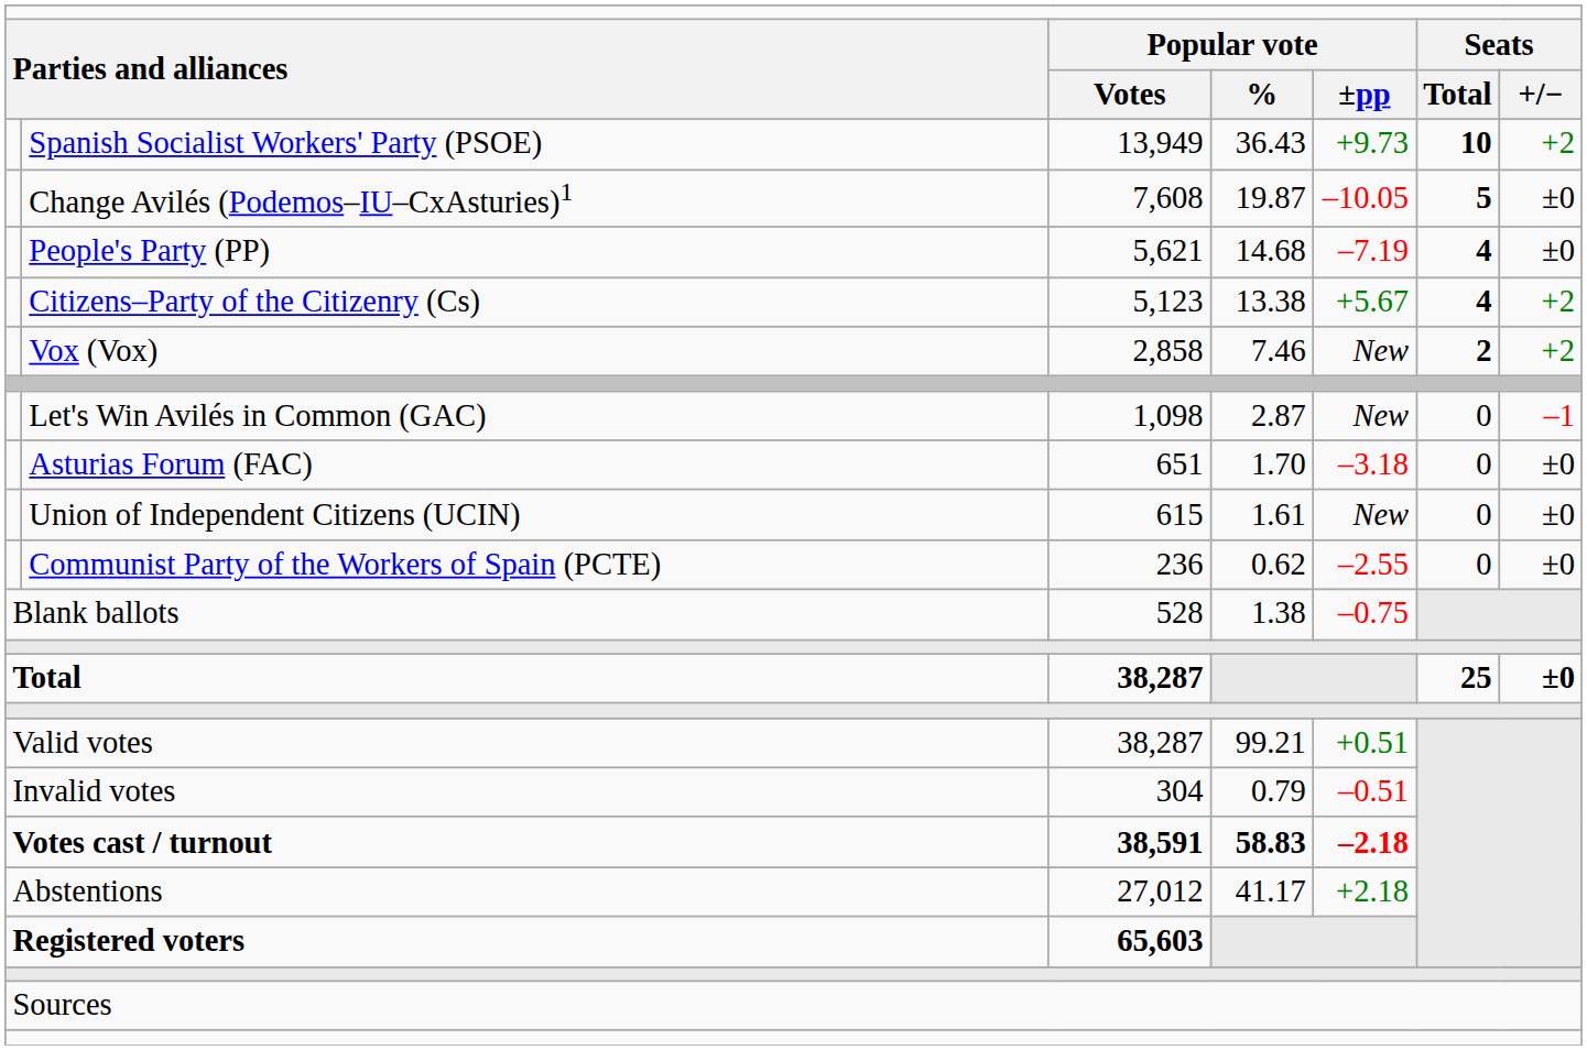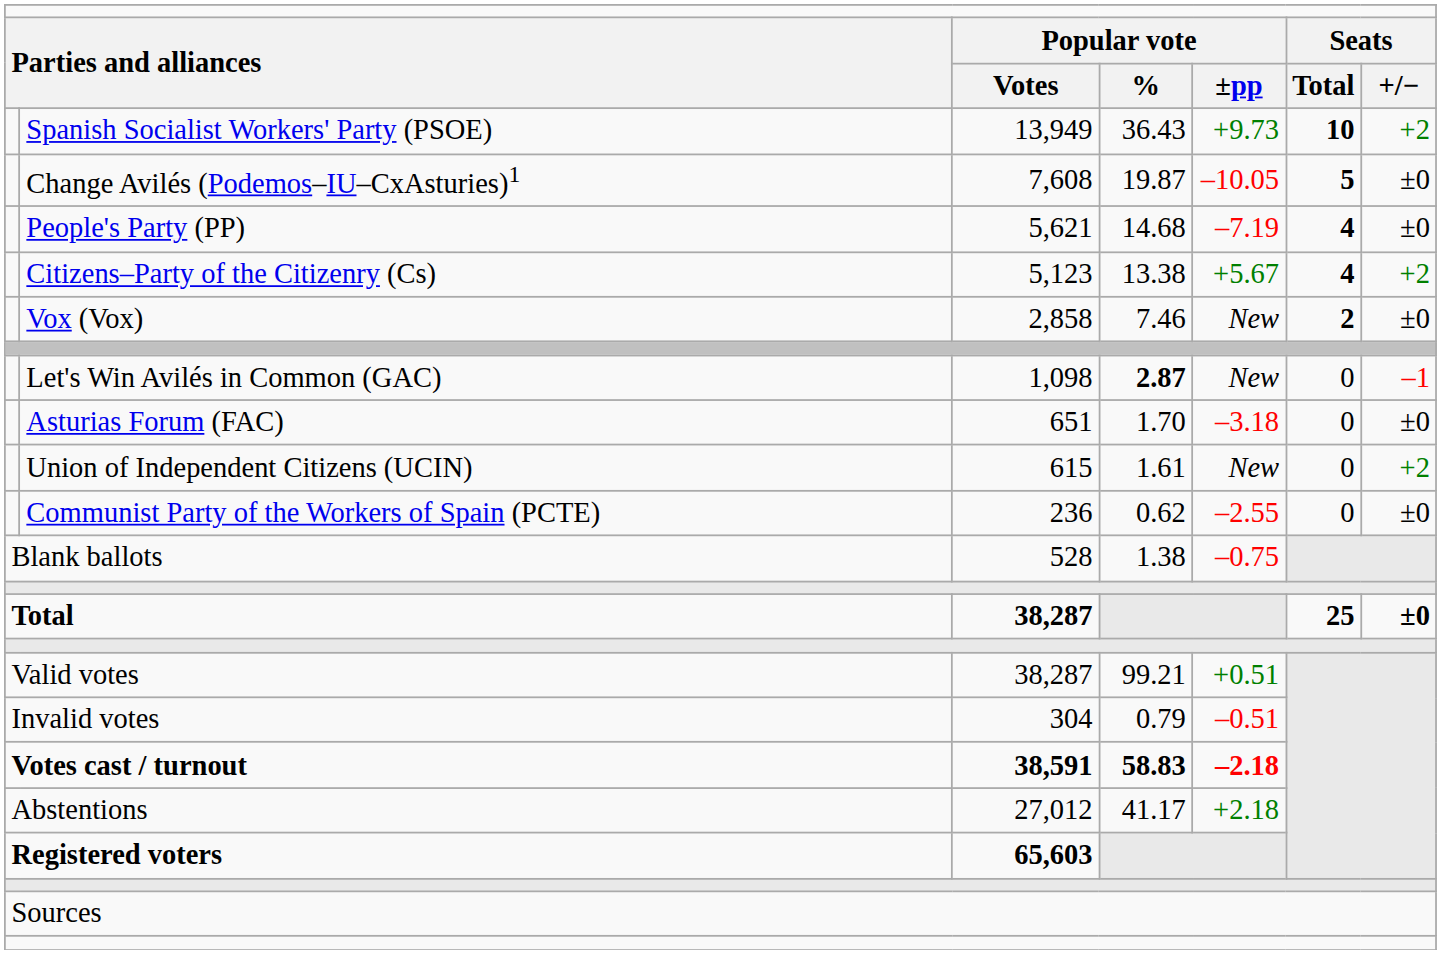 <table class="wikitable" style="text-align:right;">
 <tr>
 <td colspan="7"></td>
 </tr>
 <tr>
 <th style="text-align:left;" rowspan="2" colspan="2" width="525">Parties and alliances</th>
 <th colspan="3">Popular vote</th>
 <th colspan="2">Seats</th>
 </tr>
 <tr>
 <th width="75">Votes</th>
 <th width="45">%</th>
 <th width="45">±<a href='#'>pp</a></th>
 <th width="35">Total</th>
 <th width="35">+/−</th>
 </tr>
 <tr>
 <td width="1" style="color:inherit;background:"></td>
 <td align="left"><a href='#'>Spanish Socialist Workers' Party</a> (PSOE)</td>
 <td>13,949</td>
 <td>36.43</td>
 <td style="color:green;">+9.73</td>
 <td><strong>10</strong></td>
 <td style="color:green;">+2</td>
 </tr>
 <tr>
 <td style="color:inherit;background:"></td>
 <td align="left">Change Avilés (<a href='#'>Podemos</a>–<a href='#'>IU</a>–CxAsturies)<sup>1</sup></td>
 <td>7,608</td>
 <td>19.87</td>
 <td style="color:red;">–10.05</td>
 <td><strong>5</strong></td>
 <td>±0</td>
 </tr>
 <tr>
 <td style="color:inherit;background:"></td>
 <td align="left"><a href='#'>People's Party</a> (PP)</td>
 <td>5,621</td>
 <td>14.68</td>
 <td style="color:red;">–7.19</td>
 <td><strong>4</strong></td>
 <td>±0</td>
 </tr>
 <tr>
 <td style="color:inherit;background:"></td>
 <td align="left"><a href='#'>Citizens–Party of the Citizenry</a> (Cs)</td>
 <td>5,123</td>
 <td>13.38</td>
 <td style="color:green;">+5.67</td>
 <td><strong>4</strong></td>
 <td style="color:green;">+2</td>
 </tr>
 <tr>
 <td style="color:inherit;background:"></td>
 <td align="left"><a href='#'>Vox</a> (Vox)</td>
 <td>2,858</td>
 <td>7.46</td>
 <td><em>New</em></td>
 <td><strong>2</strong></td>
-<td style="color:green;">+2</td>
+<td>±0</td>
 </tr>
 <tr>
 <td colspan="7" style="color:inherit;background:#C0C0C0"></td>
 </tr>
 <tr>
 <td style="color:inherit;background:"></td>
 <td align="left">Let's Win Avilés in Common (GAC)</td>
 <td>1,098</td>
-<td>2.87</td>
+<td><strong>2.87</strong></td>
 <td><em>New</em></td>
 <td>0</td>
 <td style="color:red;">–1</td>
 </tr>
 <tr>
 <td style="color:inherit;background:"></td>
 <td align="left"><a href='#'>Asturias Forum</a> (FAC)</td>
 <td>651</td>
 <td>1.70</td>
 <td style="color:red;">–3.18</td>
 <td>0</td>
 <td>±0</td>
 </tr>
 <tr>
 <td style="color:inherit;background:"></td>
 <td align="left">Union of Independent Citizens (UCIN)</td>
 <td>615</td>
 <td>1.61</td>
 <td><em>New</em></td>
 <td>0</td>
-<td>±0</td>
+<td style="color:green;">+2</td>
 </tr>
 <tr>
 <td style="color:inherit;background:"></td>
 <td align="left"><a href='#'>Communist Party of the Workers of Spain</a> (PCTE)</td>
 <td>236</td>
 <td>0.62</td>
 <td style="color:red;">–2.55</td>
 <td>0</td>
 <td>±0</td>
 </tr>
 <tr>
 <td align="left" colspan="2">Blank ballots</td>
 <td>528</td>
 <td>1.38</td>
 <td style="color:red;">–0.75</td>
 <td style="color:inherit;background:#E9E9E9" colspan="2"></td>
 </tr>
 <tr>
 <td colspan="7" style="color:inherit;background:#E9E9E9"></td>
 </tr>
 <tr style="font-weight:bold;">
 <td align="left" colspan="2">Total</td>
 <td>38,287</td>
 <td bgcolor="#E9E9E9" colspan="2"></td>
 <td>25</td>
 <td>±0</td>
 </tr>
 <tr>
 <td colspan="7" style="color:inherit;background:#E9E9E9"></td>
 </tr>
 <tr>
 <td align="left" colspan="2">Valid votes</td>
 <td>38,287</td>
 <td>99.21</td>
 <td style="color:green;">+0.51</td>
 <td bgcolor="#E9E9E9" colspan="2" rowspan="5"></td>
 </tr>
 <tr>
 <td align="left" colspan="2">Invalid votes</td>
 <td>304</td>
 <td>0.79</td>
 <td style="color:red;">–0.51</td>
 </tr>
 <tr style="font-weight:bold;">
 <td align="left" colspan="2">Votes cast / turnout</td>
 <td>38,591</td>
 <td>58.83</td>
 <td style="color:red;">–2.18</td>
 </tr>
 <tr>
 <td align="left" colspan="2">Abstentions</td>
 <td>27,012</td>
 <td>41.17</td>
 <td style="color:green;">+2.18</td>
 </tr>
 <tr style="font-weight:bold;">
 <td align="left" colspan="2">Registered voters</td>
 <td>65,603</td>
 <td bgcolor="#E9E9E9" colspan="2"></td>
 </tr>
 <tr>
 <td colspan="7" style="color:inherit;background:#E9E9E9"></td>
 </tr>
 <tr>
 <td align="left" colspan="7">Sources</td>
 </tr>
 <tr>
 <td colspan="7" style="text-align:left; max-width:790px;"></td>
 </tr>
 </table>
